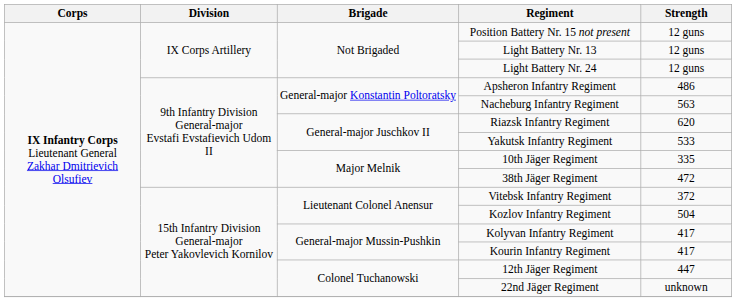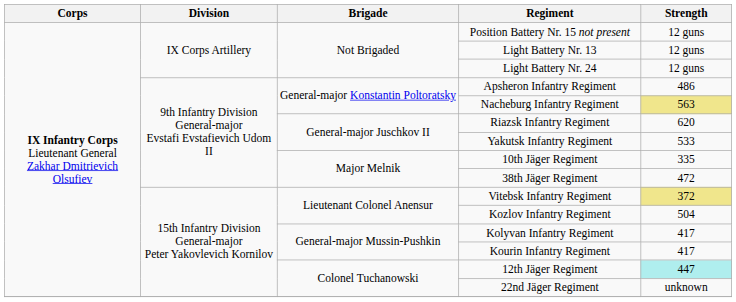 <table class="wikitable" style="text-align:center; width:80%;">
 <tr>
 <th width=15%>Corps</th>
 <th width=15%>Division</th>
 <th width=20%>Brigade</th>
 <th width=20%>Regiment</th>
 <th width=10%>Strength</th>
 </tr>
 <tr>
 <td ROWSPAN=15><strong>IX Infantry Corps</strong><br>Lieutenant General<br><a href='#'>Zakhar Dmitrievich Olsufiev</a><br></td>
 <td ROWSPAN=3>IX Corps Artillery</td>
 <td ROWSPAN=3>Not Brigaded</td>
 <td>Position Battery Nr. 15 <em>not present</em></td>
 <td>12 guns</td>
 </tr>
 <tr>
 <td>Light Battery Nr. 13</td>
 <td>12 guns</td>
 </tr>
 <tr>
 <td>Light Battery Nr. 24</td>
 <td>12 guns</td>
 </tr>
 <tr>
 <td ROWSPAN=6>9th Infantry Division<br>General-major<br>Evstafi Evstafievich Udom II<br></td>
 <td ROWSPAN=2>General-major <a href='#'>Konstantin Poltoratsky</a></td>
 <td>Apsheron Infantry Regiment</td>
 <td>486</td>
 </tr>
 <tr>
 <td>Nacheburg Infantry Regiment</td>
-<td>563</td>
+<td style="background: khaki;">563</td>
 </tr>
 <tr>
 <td ROWSPAN=2>General-major Juschkov II</td>
 <td>Riazsk Infantry Regiment</td>
 <td>620</td>
 </tr>
 <tr>
 <td>Yakutsk Infantry Regiment</td>
 <td>533</td>
 </tr>
 <tr>
 <td ROWSPAN=2>Major Melnik</td>
 <td>10th Jäger Regiment</td>
 <td>335</td>
 </tr>
 <tr>
 <td>38th Jäger Regiment</td>
 <td>472</td>
 </tr>
 <tr>
 <td ROWSPAN=6>15th Infantry Division<br>General-major<br>Peter Yakovlevich Kornilov<br></td>
 <td ROWSPAN=2>Lieutenant Colonel Anensur</td>
 <td>Vitebsk Infantry Regiment</td>
-<td>372</td>
+<td style="background: khaki;">372</td>
 </tr>
 <tr>
 <td>Kozlov Infantry Regiment</td>
 <td>504</td>
 </tr>
 <tr>
 <td ROWSPAN=2>General-major Mussin-Pushkin</td>
 <td>Kolyvan Infantry Regiment</td>
 <td>417</td>
 </tr>
 <tr>
 <td>Kourin Infantry Regiment</td>
 <td>417</td>
 </tr>
 <tr>
 <td ROWSPAN=2>Colonel Tuchanowski</td>
 <td>12th Jäger Regiment</td>
-<td>447</td>
+<td style="background: paleturquoise;">447</td>
 </tr>
 <tr>
 <td>22nd Jäger Regiment</td>
 <td>unknown</td>
 </tr>
 <tr>
 </tr>
 </table>
